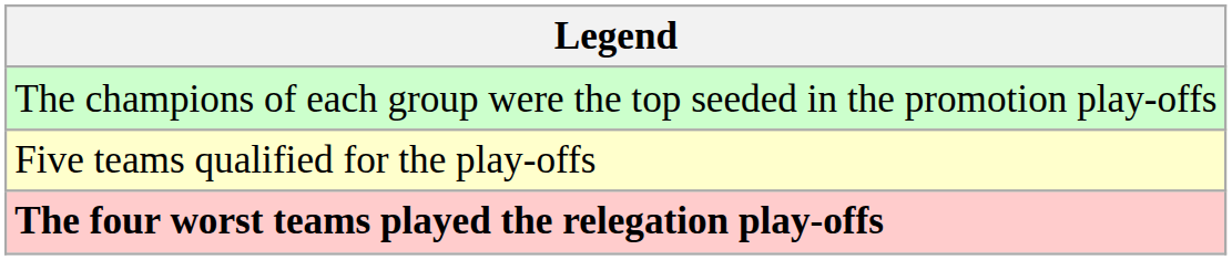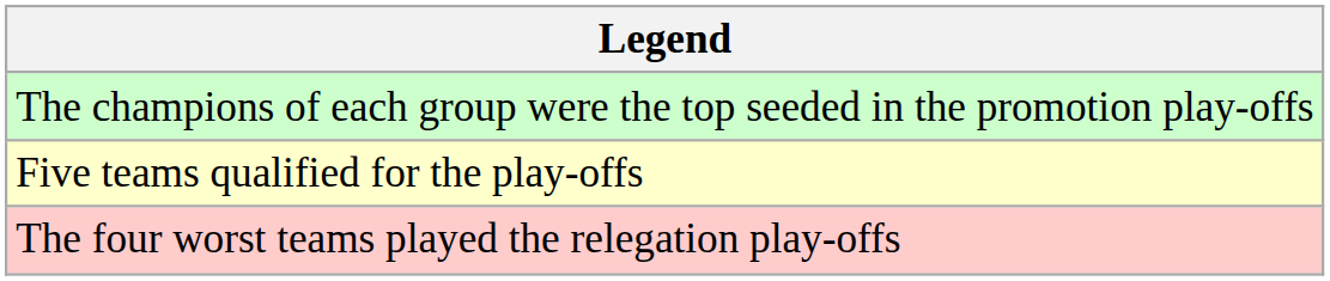 <table class="wikitable">
 <tr>
 <th>Legend</th>
 </tr>
 <tr bgcolor=#ccffcc>
 <td>The champions of each group were the top seeded in the promotion play-offs</td>
 </tr>
 <tr bgcolor=#FFFFCC>
 <td>Five teams qualified for the play-offs</td>
 </tr>
 <tr bgcolor=#FFCCCC>
-<td><strong>The four worst teams played the relegation play-offs</strong></td>
+<td>The four worst teams played the relegation play-offs</td>
 </tr>
 </table>
